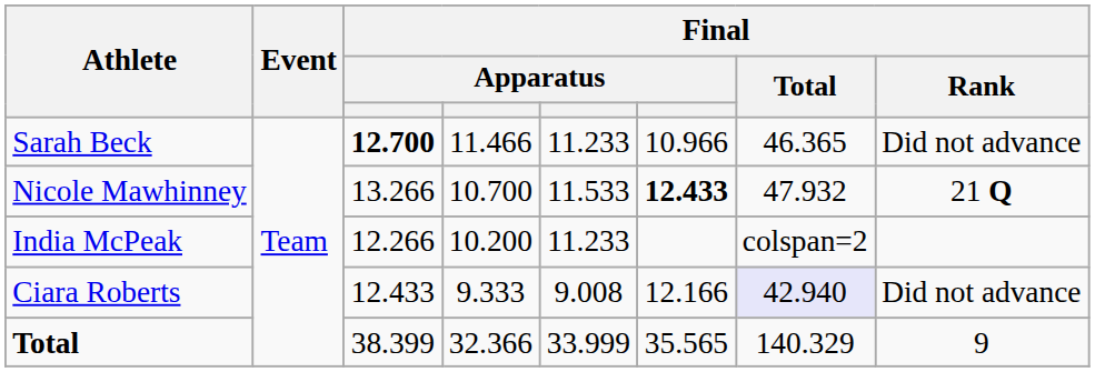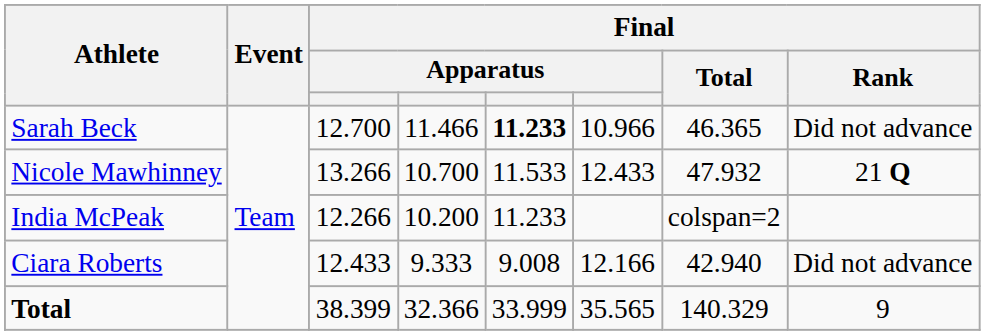 <table class="wikitable" style="font-size:90%">
 <tr>
 <th rowspan=3>Athlete</th>
 <th rowspan=3>Event</th>
 <th colspan=6>Final</th>
 </tr>
 <tr style="font-size:95%">
 <th colspan=4>Apparatus</th>
 <th rowspan=2>Total</th>
 <th rowspan=2>Rank</th>
 </tr>
 <tr style="font-size:95%">
 <th></th>
 <th></th>
 <th></th>
 <th></th>
 </tr>
 <tr align=center>
 <td align=left><a href='#'>Sarah Beck</a></td>
 <td align=left rowspan=5><a href='#'>Team</a></td>
-<td><strong>12.700</strong></td>
+<td>12.700</td>
 <td>11.466</td>
-<td>11.233</td>
+<td><strong>11.233</strong></td>
 <td>10.966</td>
 <td>46.365</td>
 <td>Did not advance</td>
 </tr>
 <tr align=center>
 <td align=left><a href='#'>Nicole Mawhinney</a></td>
 <td>13.266</td>
 <td>10.700</td>
 <td>11.533</td>
-<td><strong>12.433</strong></td>
+<td>12.433</td>
 <td>47.932</td>
 <td>21 <strong>Q</strong></td>
 </tr>
 <tr align=center>
 <td align=left><a href='#'>India McPeak</a></td>
 <td>12.266</td>
 <td>10.200</td>
 <td>11.233</td>
 <td></td>
 <td>colspan=2 </td>
 </tr>
 <tr align=center>
 <td align=left><a href='#'>Ciara Roberts</a></td>
 <td>12.433</td>
 <td>9.333</td>
 <td>9.008</td>
 <td>12.166</td>
-<td style="background: lavender;">42.940</td>
+<td>42.940</td>
 <td>Did not advance</td>
 </tr>
 <tr align=center>
 <td align=left><strong>Total</strong></td>
 <td>38.399</td>
 <td>32.366</td>
 <td>33.999</td>
 <td>35.565</td>
 <td>140.329</td>
 <td>9</td>
 </tr>
 </table>
